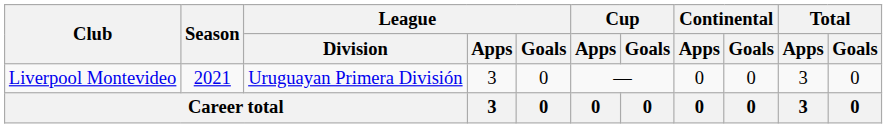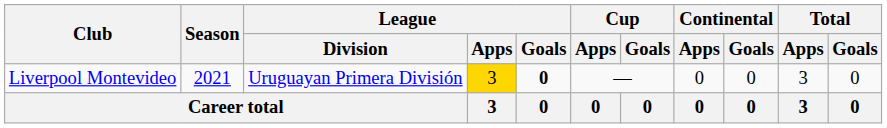 <table class="wikitable" Style="text-align: center">
 <tr>
 <th rowspan="2">Club</th>
 <th rowspan="2">Season</th>
 <th colspan="3">League</th>
 <th colspan="2">Cup</th>
 <th colspan="2">Continental</th>
 <th colspan="2">Total</th>
 </tr>
 <tr>
 <th>Division</th>
 <th>Apps</th>
 <th>Goals</th>
 <th>Apps</th>
 <th>Goals</th>
 <th>Apps</th>
 <th>Goals</th>
 <th>Apps</th>
 <th>Goals</th>
 </tr>
 <tr>
 <td rowspan="1"><a href='#'>Liverpool Montevideo</a></td>
 <td><a href='#'>2021</a></td>
 <td rowspan="1"><a href='#'>Uruguayan Primera División</a></td>
-<td>3</td>
-<td>0</td>
+<td style="background: gold;">3</td>
+<td><strong>0</strong></td>
 <td colspan="2">—</td>
 <td>0</td>
 <td>0</td>
 <td>3</td>
 <td>0</td>
 </tr>
 <tr>
 <th colspan="3">Career total</th>
 <th>3</th>
 <th>0</th>
 <th>0</th>
 <th>0</th>
 <th>0</th>
 <th>0</th>
 <th>3</th>
 <th>0</th>
 </tr>
 </table>
